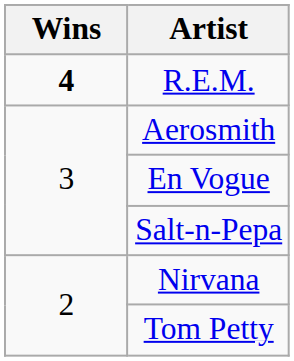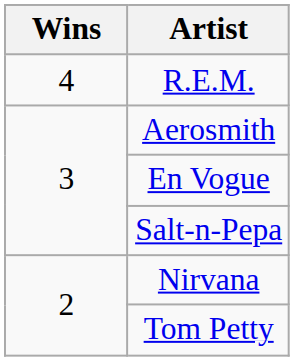 <table class="wikitable" rowspan="2" style="text-align:center">
 <tr>
 <th scope="col" style="width:55px;">Wins</th>
 <th scope="col" style="text-align:center;">Artist</th>
 </tr>
 <tr>
-<td style="text-align:center"><strong>4</strong></td>
+<td style="text-align:center">4</td>
 <td><a href='#'>R.E.M.</a></td>
 </tr>
 <tr>
 <td rowspan="3" style="text-align:center">3</td>
 <td><a href='#'>Aerosmith</a></td>
 </tr>
 <tr>
 <td><a href='#'>En Vogue</a></td>
 </tr>
 <tr>
 <td><a href='#'>Salt-n-Pepa</a></td>
 </tr>
 <tr>
 <td rowspan="2" style="text-align:center">2</td>
 <td><a href='#'>Nirvana</a></td>
 </tr>
 <tr>
 <td><a href='#'>Tom Petty</a></td>
 </tr>
 </table>
